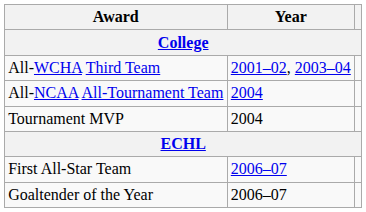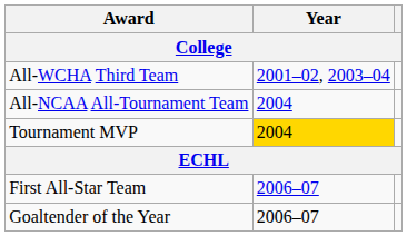 <table class="wikitable">
 <tr>
 <th>Award</th>
 <th>Year</th>
 <th></th>
 </tr>
 <tr>
 <th colspan="3"><a href='#'>College</a></th>
 </tr>
 <tr>
 <td>All-<a href='#'>WCHA</a> <a href='#'>Third Team</a></td>
 <td><a href='#'>2001–02</a>, <a href='#'>2003–04</a></td>
 <td></td>
 </tr>
 <tr>
 <td>All-<a href='#'>NCAA</a> <a href='#'>All-Tournament Team</a></td>
 <td><a href='#'>2004</a></td>
 <td></td>
 </tr>
 <tr>
 <td>Tournament MVP</td>
-<td>2004</td>
+<td style="background: gold;">2004</td>
 <td></td>
 </tr>
 <tr>
 <th colspan="3"><a href='#'>ECHL</a></th>
 </tr>
 <tr>
 <td>First All-Star Team</td>
 <td><a href='#'>2006–07</a></td>
 <td></td>
 </tr>
 <tr>
 <td>Goaltender of the Year</td>
 <td>2006–07</td>
 <td></td>
 </tr>
 </table>
